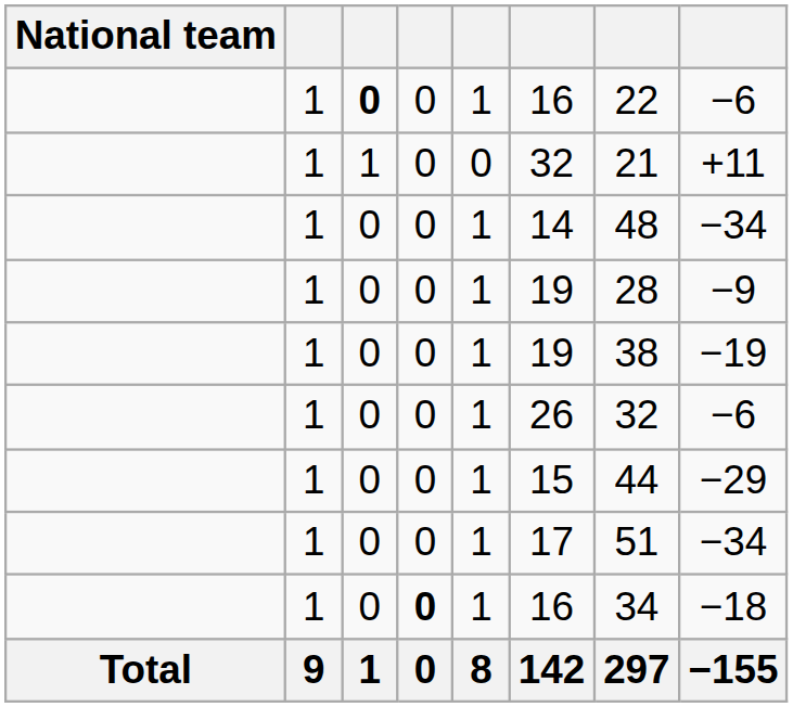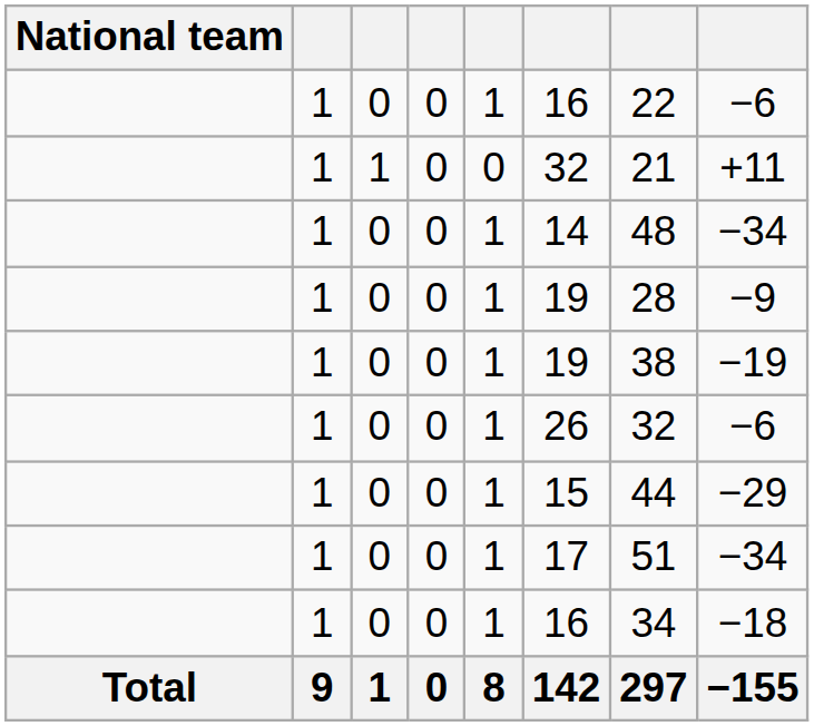 <table class="wikitable" style="text-align: center;">
 <tr>
 <th>National team</th>
 <th width="15"></th>
 <th width="15"></th>
 <th width="15"></th>
 <th width="15"></th>
 <th></th>
 <th></th>
 <th></th>
 </tr>
 <tr>
 <td align="left"></td>
 <td>1</td>
-<td><strong>0</strong></td>
+<td>0</td>
 <td>0</td>
 <td>1</td>
 <td>16</td>
 <td>22</td>
 <td>−6</td>
 </tr>
 <tr>
 <td align="left"></td>
 <td>1</td>
 <td>1</td>
 <td>0</td>
 <td>0</td>
 <td>32</td>
 <td>21</td>
 <td>+11</td>
 </tr>
 <tr>
 <td align="left"></td>
 <td>1</td>
 <td>0</td>
 <td>0</td>
 <td>1</td>
 <td>14</td>
 <td>48</td>
 <td>−34</td>
 </tr>
 <tr>
 <td align="left"></td>
 <td>1</td>
 <td>0</td>
 <td>0</td>
 <td>1</td>
 <td>19</td>
 <td>28</td>
 <td>−9</td>
 </tr>
 <tr>
 <td align="left"></td>
 <td>1</td>
 <td>0</td>
 <td>0</td>
 <td>1</td>
 <td>19</td>
 <td>38</td>
 <td>−19</td>
 </tr>
 <tr>
 <td align="left"></td>
 <td>1</td>
 <td>0</td>
 <td>0</td>
 <td>1</td>
 <td>26</td>
 <td>32</td>
 <td>−6</td>
 </tr>
 <tr>
 <td align="left"></td>
 <td>1</td>
 <td>0</td>
 <td>0</td>
 <td>1</td>
 <td>15</td>
 <td>44</td>
 <td>−29</td>
 </tr>
 <tr>
 <td align="left"></td>
 <td>1</td>
 <td>0</td>
 <td>0</td>
 <td>1</td>
 <td>17</td>
 <td>51</td>
 <td>−34</td>
 </tr>
 <tr>
 <td align="left"></td>
 <td>1</td>
 <td>0</td>
-<td><strong>0</strong></td>
+<td>0</td>
 <td>1</td>
 <td>16</td>
 <td>34</td>
 <td>−18</td>
 </tr>
 <tr>
 <th>Total</th>
 <th>9</th>
 <th>1</th>
 <th>0</th>
 <th>8</th>
 <th>142</th>
 <th>297</th>
 <th>−155</th>
 </tr>
 </table>
